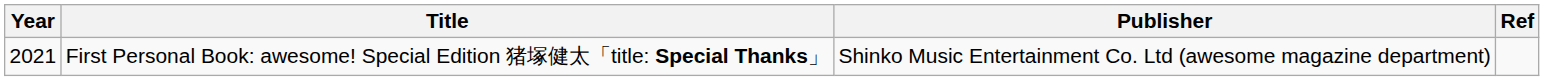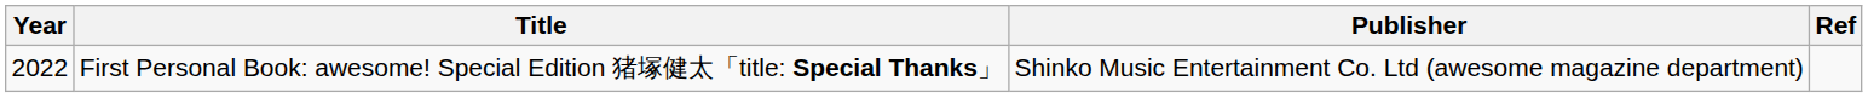 <table class="wikitable">
 <tr>
 <th>Year</th>
 <th>Title</th>
 <th>Publisher</th>
 <th>Ref</th>
 </tr>
 <tr>
-<td>2021</td>
+<td>2022</td>
 <td>First Personal Book: awesome! Special Edition 猪塚健太「title: <strong>Special Thanks</strong>」</td>
 <td>Shinko Music Entertainment Co. Ltd (awesome magazine department)</td>
 <td></td>
 </tr>
 </table>
